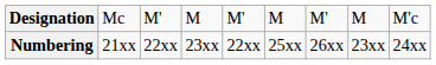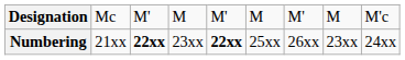 <table class="wikitable">
 <tr>
 <th>Designation</th>
 <td>Mc</td>
 <td>M'</td>
 <td>M</td>
 <td>M'</td>
 <td>M</td>
 <td>M'</td>
 <td>M</td>
 <td>M'c</td>
 </tr>
 <tr>
 <th>Numbering</th>
 <td>21xx</td>
-<td>22xx</td>
+<td><strong>22xx</strong></td>
 <td>23xx</td>
-<td>22xx</td>
+<td><strong>22xx</strong></td>
 <td>25xx</td>
 <td>26xx</td>
 <td>23xx</td>
 <td>24xx</td>
 </tr>
 </table>
